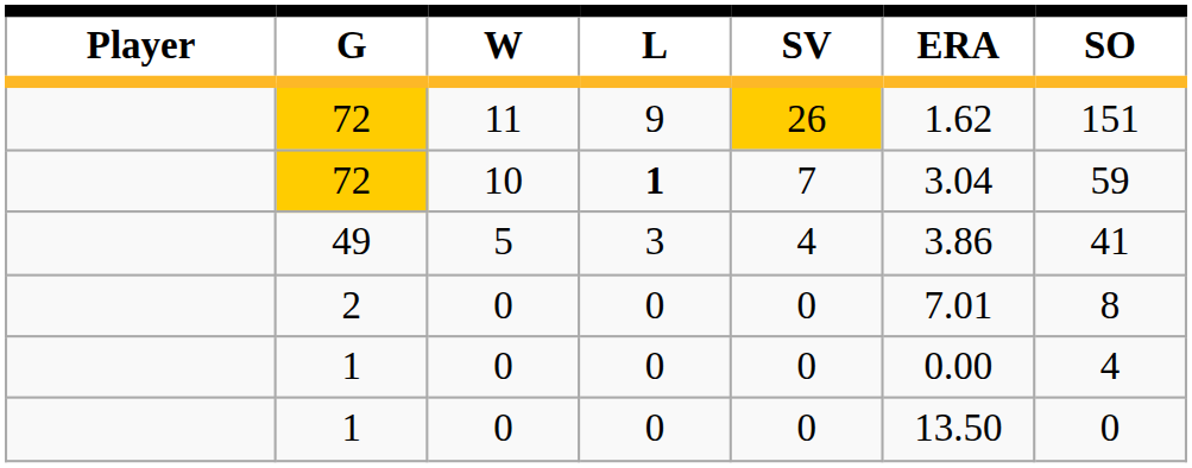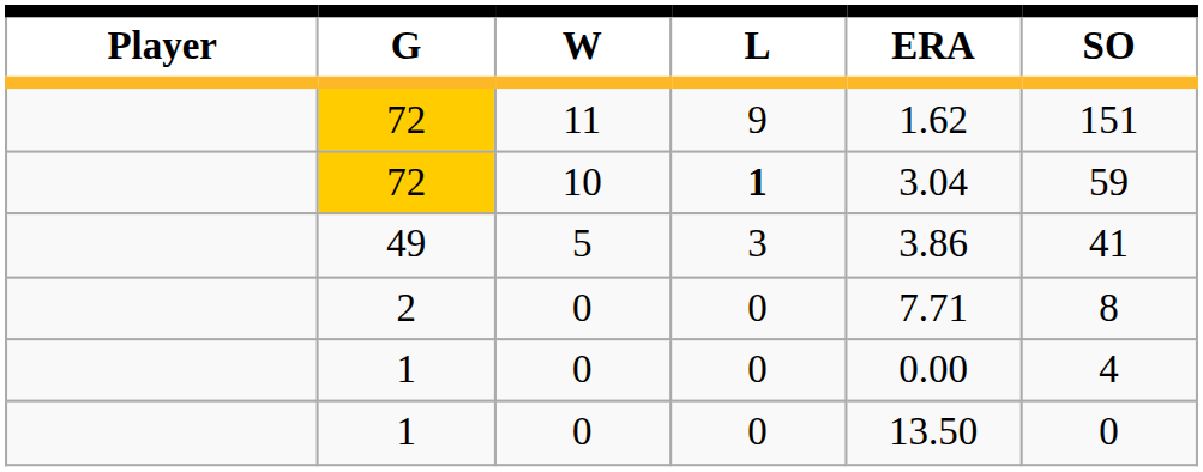 <table class="wikitable sortable">
 <tr>
 <th style="background:#FFFFFF; border-top:#000000 5px solid; border-bottom:#FDB827 5px solid;" width="16%">Player</th>
 <th style="background:#FFFFFF; border-top:#000000 5px solid; border-bottom:#FDB827 5px solid;" width="9%">G</th>
 <th style="background:#FFFFFF; border-top:#000000 5px solid; border-bottom:#FDB827 5px solid;" width="9%">W</th>
 <th style="background:#FFFFFF; border-top:#000000 5px solid; border-bottom:#FDB827 5px solid;" width="9%">L</th>
-<th style="background:#FFFFFF; border-top:#000000 5px solid; border-bottom:#FDB827 5px solid;" width="9%">SV</th>
 <th style="background:#FFFFFF; border-top:#000000 5px solid; border-bottom:#FDB827 5px solid;" width="9%">ERA</th>
 <th style="background:#FFFFFF; border-top:#000000 5px solid; border-bottom:#FDB827 5px solid;" width="9%">SO</th>
 </tr>
 <tr align="center">
 <td></td>
 <td style="background:#fc0;">72</td>
 <td>11</td>
 <td>9</td>
-<td style="background:#fc0;">26</td>
 <td>1.62</td>
 <td>151</td>
 </tr>
 <tr align="center">
 <td></td>
 <td style="background:#fc0;">72</td>
 <td>10</td>
 <td><strong>1</strong></td>
-<td>7</td>
 <td>3.04</td>
 <td>59</td>
 </tr>
 <tr align="center">
 <td></td>
 <td>49</td>
 <td>5</td>
 <td>3</td>
-<td>4</td>
 <td>3.86</td>
 <td>41</td>
 </tr>
 <tr align="center">
 <td></td>
 <td>2</td>
 <td>0</td>
 <td>0</td>
-<td>0</td>
-<td>7.01</td>
+<td>7.71</td>
 <td>8</td>
 </tr>
 <tr align="center">
 <td></td>
 <td>1</td>
-<td>0</td>
 <td>0</td>
 <td>0</td>
 <td>0.00</td>
 <td>4</td>
 </tr>
 <tr align="center">
 <td></td>
 <td>1</td>
 <td>0</td>
 <td>0</td>
-<td>0</td>
 <td>13.50</td>
 <td>0</td>
 </tr>
 </table>
